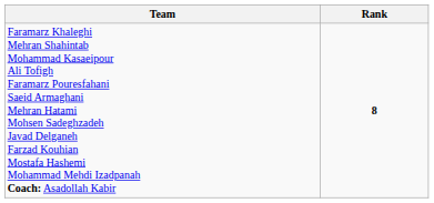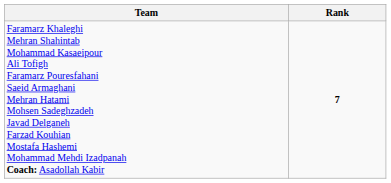 <table class="wikitable" width="35%" style="text-align:left; font-size:90%">
 <tr>
 <th width="13%">Team</th>
 <th width="4%">Rank</th>
 </tr>
 <tr>
 <td><a href='#'>Faramarz Khaleghi</a><br><a href='#'>Mehran Shahintab</a><br><a href='#'>Mohammad Kasaeipour</a><br><a href='#'>Ali Tofigh</a><br><a href='#'>Faramarz Pouresfahani</a><br><a href='#'>Saeid Armaghani</a><br><a href='#'>Mehran Hatami</a><br><a href='#'>Mohsen Sadeghzadeh</a><br><a href='#'>Javad Delganeh</a><br><a href='#'>Farzad Kouhian</a><br><a href='#'>Mostafa Hashemi</a><br><a href='#'>Mohammad Mehdi Izadpanah</a><br><strong>Coach:</strong> <a href='#'>Asadollah Kabir</a></td>
-<td align=center><strong>8</strong></td>
+<td align=center><strong>7</strong></td>
 </tr>
 </table>
